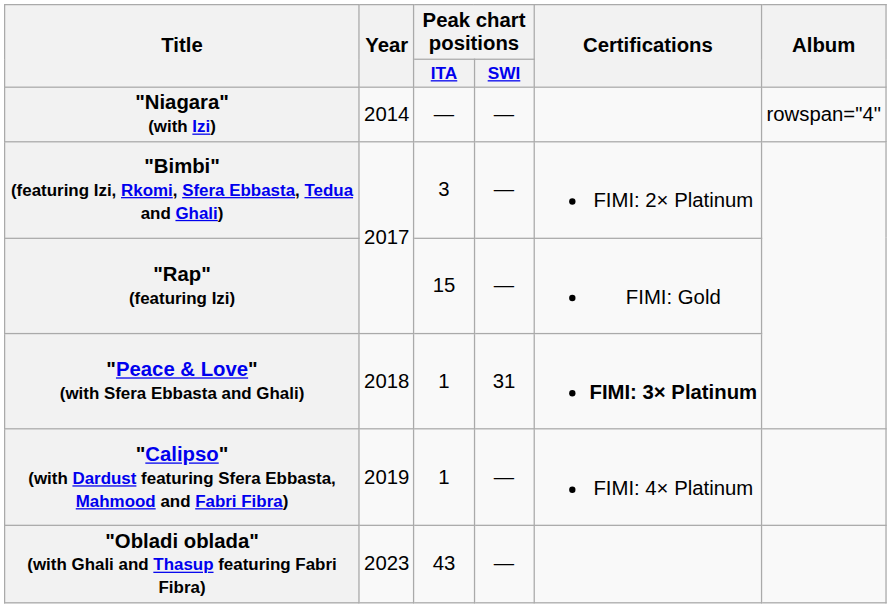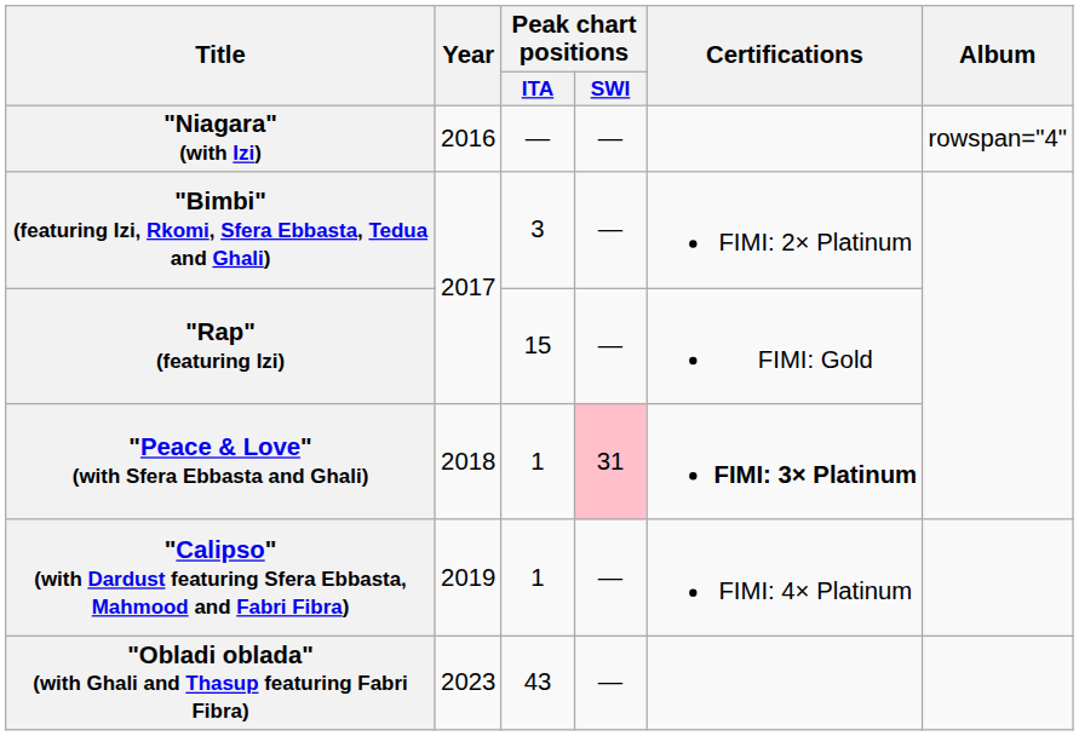 <table class="wikitable plainrowheaders" style="text-align:center;">
 <tr>
 <th scope="col" rowspan="2" style="width:17em;">Title</th>
 <th scope="col" rowspan="2" style="width:1em;">Year</th>
 <th scope="col" colspan="2">Peak chart positions</th>
 <th scope="col" rowspan="2">Certifications</th>
 <th scope="col" rowspan="2">Album</th>
 </tr>
 <tr>
 <th scope="col" style="width:3em;font-size:85%;"><a href='#'>ITA</a><br></th>
 <th scope="col" style="width:3em;font-size:85%;"><a href='#'>SWI</a><br></th>
 </tr>
 <tr>
 <th scope="row">"Niagara"<br><small>(with <a href='#'>Izi</a>)</small></th>
-<td>2014</td>
+<td>2016</td>
 <td>—</td>
 <td>—</td>
 <td></td>
 <td>rowspan="4" </td>
 </tr>
 <tr>
 <th scope="row">"Bimbi"<br><small>(featuring Izi, <a href='#'>Rkomi</a>, <a href='#'>Sfera Ebbasta</a>, <a href='#'>Tedua</a> and <a href='#'>Ghali</a>)</small></th>
 <td rowspan="2">2017</td>
 <td>3</td>
 <td>—</td>
 <td><br><ul><li>FIMI: 2× Platinum</li></ul></td>
 </tr>
 <tr>
 <th scope="row">"Rap"<br><small>(featuring Izi)</small></th>
 <td>15</td>
 <td>—</td>
 <td><br><ul><li>FIMI: Gold</li></ul></td>
 </tr>
 <tr>
 <th scope="row">"<a href='#'>Peace & Love</a>"<br><small>(with Sfera Ebbasta and Ghali)</small></th>
 <td>2018</td>
 <td>1</td>
-<td>31</td>
+<td style="background: pink;">31</td>
 <td><strong><br><ul><li>FIMI: 3× Platinum</li></ul></strong></td>
 </tr>
 <tr>
 <th scope="row">"<a href='#'>Calipso</a>"<br><small>(with <a href='#'>Dardust</a> featuring Sfera Ebbasta, <a href='#'>Mahmood</a> and <a href='#'>Fabri Fibra</a>)</small></th>
 <td>2019</td>
 <td>1</td>
 <td>—</td>
 <td><br><ul><li>FIMI: 4× Platinum</li></ul></td>
 <td></td>
 </tr>
 <tr>
 <th scope="row">"Obladi oblada"<br><small>(with Ghali and <a href='#'>Thasup</a> featuring Fabri Fibra)</small></th>
 <td>2023</td>
 <td>43<br></td>
 <td>—</td>
 <td></td>
 <td></td>
 </tr>
 </table>
